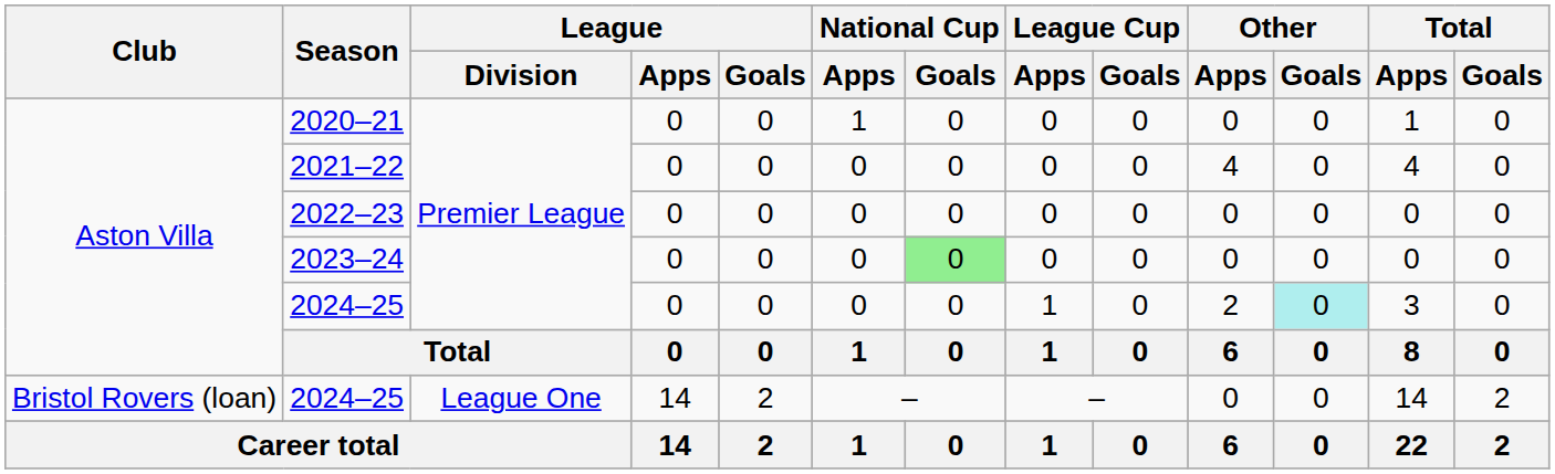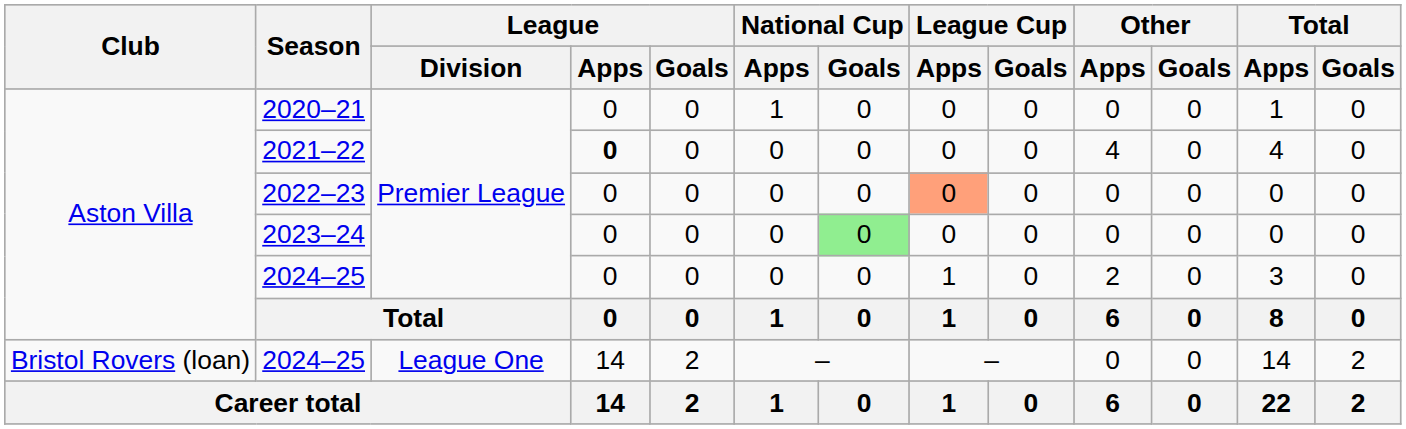 <table class="wikitable" style="text-align: center">
 <tr>
 <th rowspan="2">Club</th>
 <th rowspan="2">Season</th>
 <th colspan="3">League</th>
 <th colspan="2">National Cup</th>
 <th colspan="2">League Cup</th>
 <th colspan="2">Other</th>
 <th colspan="2">Total</th>
 </tr>
 <tr>
 <th>Division</th>
 <th>Apps</th>
 <th>Goals</th>
 <th>Apps</th>
 <th>Goals</th>
 <th>Apps</th>
 <th>Goals</th>
 <th>Apps</th>
 <th>Goals</th>
 <th>Apps</th>
 <th>Goals</th>
 </tr>
 <tr>
 <td rowspan="6"><a href='#'>Aston Villa</a></td>
 <td><a href='#'>2020–21</a></td>
 <td rowspan="5"><a href='#'>Premier League</a></td>
 <td>0</td>
 <td>0</td>
 <td>1</td>
 <td>0</td>
 <td>0</td>
 <td>0</td>
 <td>0</td>
 <td>0</td>
 <td>1</td>
 <td>0</td>
 </tr>
 <tr>
 <td><a href='#'>2021–22</a></td>
-<td>0</td>
+<td><strong>0</strong></td>
 <td>0</td>
 <td>0</td>
 <td>0</td>
 <td>0</td>
 <td>0</td>
 <td>4</td>
 <td>0</td>
 <td>4</td>
 <td>0</td>
 </tr>
 <tr>
 <td><a href='#'>2022–23</a></td>
 <td>0</td>
 <td>0</td>
 <td>0</td>
 <td>0</td>
-<td>0</td>
+<td style="background: lightsalmon;">0</td>
 <td>0</td>
 <td>0</td>
 <td>0</td>
 <td>0</td>
 <td>0</td>
 </tr>
 <tr>
 <td><a href='#'>2023–24</a></td>
 <td>0</td>
 <td>0</td>
 <td>0</td>
 <td style="background: lightgreen;">0</td>
 <td>0</td>
 <td>0</td>
 <td>0</td>
 <td>0</td>
 <td>0</td>
 <td>0</td>
 </tr>
 <tr>
 <td><a href='#'>2024–25</a></td>
 <td>0</td>
 <td>0</td>
 <td>0</td>
 <td>0</td>
 <td>1</td>
 <td>0</td>
 <td>2</td>
-<td style="background: paleturquoise;">0</td>
+<td>0</td>
 <td>3</td>
 <td>0</td>
 </tr>
 <tr>
 <th colspan="2">Total</th>
 <th>0</th>
 <th>0</th>
 <th>1</th>
 <th>0</th>
 <th>1</th>
 <th>0</th>
 <th>6</th>
 <th>0</th>
 <th>8</th>
 <th>0</th>
 </tr>
 <tr>
 <td><a href='#'>Bristol Rovers</a> (loan)</td>
 <td><a href='#'>2024–25</a></td>
 <td><a href='#'>League One</a></td>
 <td>14</td>
 <td>2</td>
 <td colspan="2">–</td>
 <td colspan="2">–</td>
 <td>0</td>
 <td>0</td>
 <td>14</td>
 <td>2</td>
 </tr>
 <tr>
 <th colspan="3"><strong>Career total</strong></th>
 <th>14</th>
 <th>2</th>
 <th>1</th>
 <th>0</th>
 <th>1</th>
 <th>0</th>
 <th>6</th>
 <th>0</th>
 <th>22</th>
 <th>2</th>
 </tr>
 </table>
